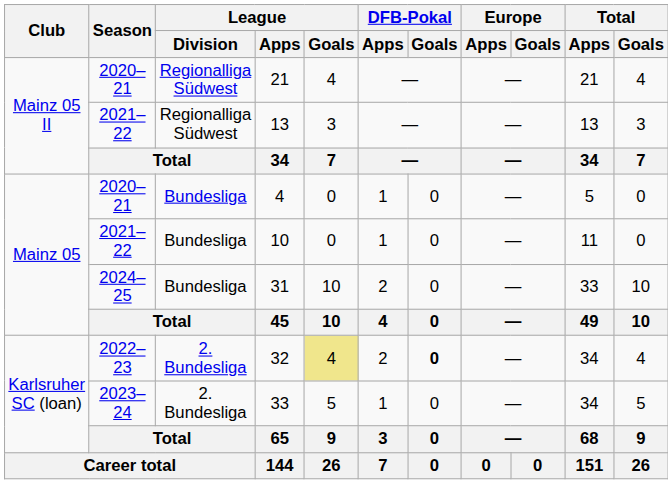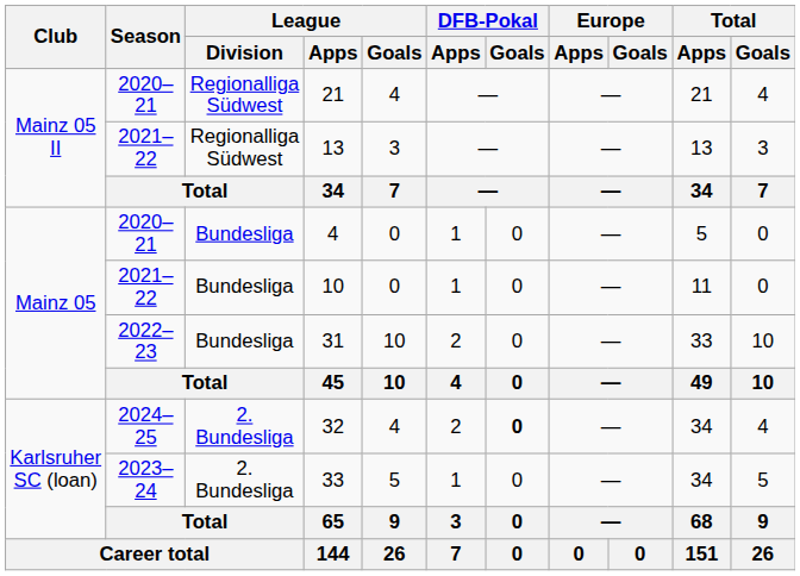 <table class="wikitable" style="text-align:center">
 <tr>
 <th rowspan="2">Club</th>
 <th rowspan="2">Season</th>
 <th colspan="3">League</th>
 <th colspan="2"><a href='#'>DFB-Pokal</a></th>
 <th colspan="2">Europe</th>
 <th colspan="2">Total</th>
 </tr>
 <tr>
 <th>Division</th>
 <th>Apps</th>
 <th>Goals</th>
 <th>Apps</th>
 <th>Goals</th>
 <th>Apps</th>
 <th>Goals</th>
 <th>Apps</th>
 <th>Goals</th>
 </tr>
 <tr>
 <td rowspan="3"><a href='#'>Mainz 05 II</a></td>
 <td><a href='#'>2020–21</a></td>
 <td><a href='#'>Regionalliga Südwest</a></td>
 <td>21</td>
 <td>4</td>
 <td colspan="2">—</td>
 <td colspan="2">—</td>
 <td>21</td>
 <td>4</td>
 </tr>
 <tr>
 <td><a href='#'>2021–22</a></td>
 <td>Regionalliga Südwest</td>
 <td>13</td>
 <td>3</td>
 <td colspan="2">—</td>
 <td colspan="2">—</td>
 <td>13</td>
 <td>3</td>
 </tr>
 <tr>
 <th colspan="2">Total</th>
 <th>34</th>
 <th>7</th>
 <th colspan="2">—</th>
 <th colspan="2">—</th>
 <th>34</th>
 <th>7</th>
 </tr>
 <tr>
 <td rowspan="4"><a href='#'>Mainz 05</a></td>
 <td><a href='#'>2020–21</a></td>
 <td><a href='#'>Bundesliga</a></td>
 <td>4</td>
 <td>0</td>
 <td>1</td>
 <td>0</td>
 <td colspan="2">—</td>
 <td>5</td>
 <td>0</td>
 </tr>
 <tr>
 <td><a href='#'>2021–22</a></td>
 <td>Bundesliga</td>
 <td>10</td>
 <td>0</td>
 <td>1</td>
 <td>0</td>
 <td colspan="2">—</td>
 <td>11</td>
 <td>0</td>
 </tr>
 <tr>
-<td><a href='#'>2024–25</a></td>
+<td><a href='#'>2022–23</a></td>
 <td>Bundesliga</td>
 <td>31</td>
 <td>10</td>
 <td>2</td>
 <td>0</td>
 <td colspan="2">—</td>
 <td>33</td>
 <td>10</td>
 </tr>
 <tr>
 <th colspan="2">Total</th>
 <th>45</th>
 <th>10</th>
 <th>4</th>
 <th>0</th>
 <th colspan="2">—</th>
 <th>49</th>
 <th>10</th>
 </tr>
 <tr>
 <td rowspan="3"><a href='#'>Karlsruher SC</a> (loan)</td>
-<td><a href='#'>2022–23</a></td>
+<td><a href='#'>2024–25</a></td>
 <td><a href='#'>2. Bundesliga</a></td>
 <td>32</td>
-<td style="background: khaki;">4</td>
+<td>4</td>
 <td>2</td>
 <td><strong>0</strong></td>
 <td colspan="2">—</td>
 <td>34</td>
 <td>4</td>
 </tr>
 <tr>
 <td><a href='#'>2023–24</a></td>
 <td>2. Bundesliga</td>
 <td>33</td>
 <td>5</td>
 <td>1</td>
 <td>0</td>
 <td colspan="2">—</td>
 <td>34</td>
 <td>5</td>
 </tr>
 <tr>
 <th colspan="2">Total</th>
 <th>65</th>
 <th>9</th>
 <th>3</th>
 <th>0</th>
 <th colspan="2">—</th>
 <th>68</th>
 <th>9</th>
 </tr>
 <tr>
 <th colspan="3">Career total</th>
 <th>144</th>
 <th>26</th>
 <th>7</th>
 <th>0</th>
 <th>0</th>
 <th>0</th>
 <th>151</th>
 <th>26</th>
 </tr>
 </table>
